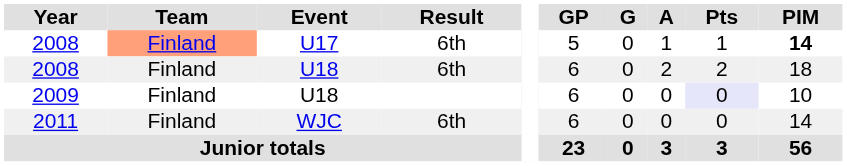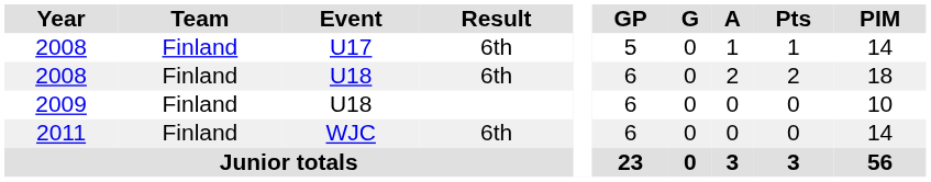 <table border="0" cellpadding="1" cellspacing="0" style="text-align:center; width:40em">
 <tr ALIGN="center" bgcolor="#e0e0e0">
 <th>Year</th>
 <th>Team</th>
 <th>Event</th>
 <th>Result</th>
 <th rowspan="99" bgcolor="#ffffff"> </th>
 <th>GP</th>
 <th>G</th>
 <th>A</th>
 <th>Pts</th>
 <th>PIM</th>
 </tr>
 <tr ALIGN="center">
 <td><a href='#'>2008</a></td>
-<td style="background: lightsalmon;"><a href='#'>Finland</a></td>
+<td><a href='#'>Finland</a></td>
 <td><a href='#'>U17</a></td>
 <td>6th</td>
 <td>5</td>
 <td>0</td>
 <td>1</td>
 <td>1</td>
-<td><strong>14</strong></td>
+<td>14</td>
 </tr>
 <tr ALIGN="center" bgcolor="#f0f0f0">
 <td><a href='#'>2008</a></td>
 <td>Finland</td>
 <td><a href='#'>U18</a></td>
 <td>6th</td>
 <td>6</td>
 <td>0</td>
 <td>2</td>
 <td>2</td>
 <td>18</td>
 </tr>
 <tr ALIGN="center">
 <td><a href='#'>2009</a></td>
 <td>Finland</td>
 <td>U18</td>
 <td></td>
 <td>6</td>
 <td>0</td>
 <td>0</td>
-<td style="background: lavender;">0</td>
+<td>0</td>
 <td>10</td>
 </tr>
 <tr ALIGN="center" bgcolor="#f0f0f0">
 <td><a href='#'>2011</a></td>
 <td>Finland</td>
 <td><a href='#'>WJC</a></td>
 <td>6th</td>
 <td>6</td>
 <td>0</td>
 <td>0</td>
 <td>0</td>
 <td>14</td>
 </tr>
 <tr bgcolor="#e0e0e0">
 <th colspan="4">Junior totals</th>
 <th>23</th>
 <th>0</th>
 <th>3</th>
 <th>3</th>
 <th>56</th>
 </tr>
 </table>
